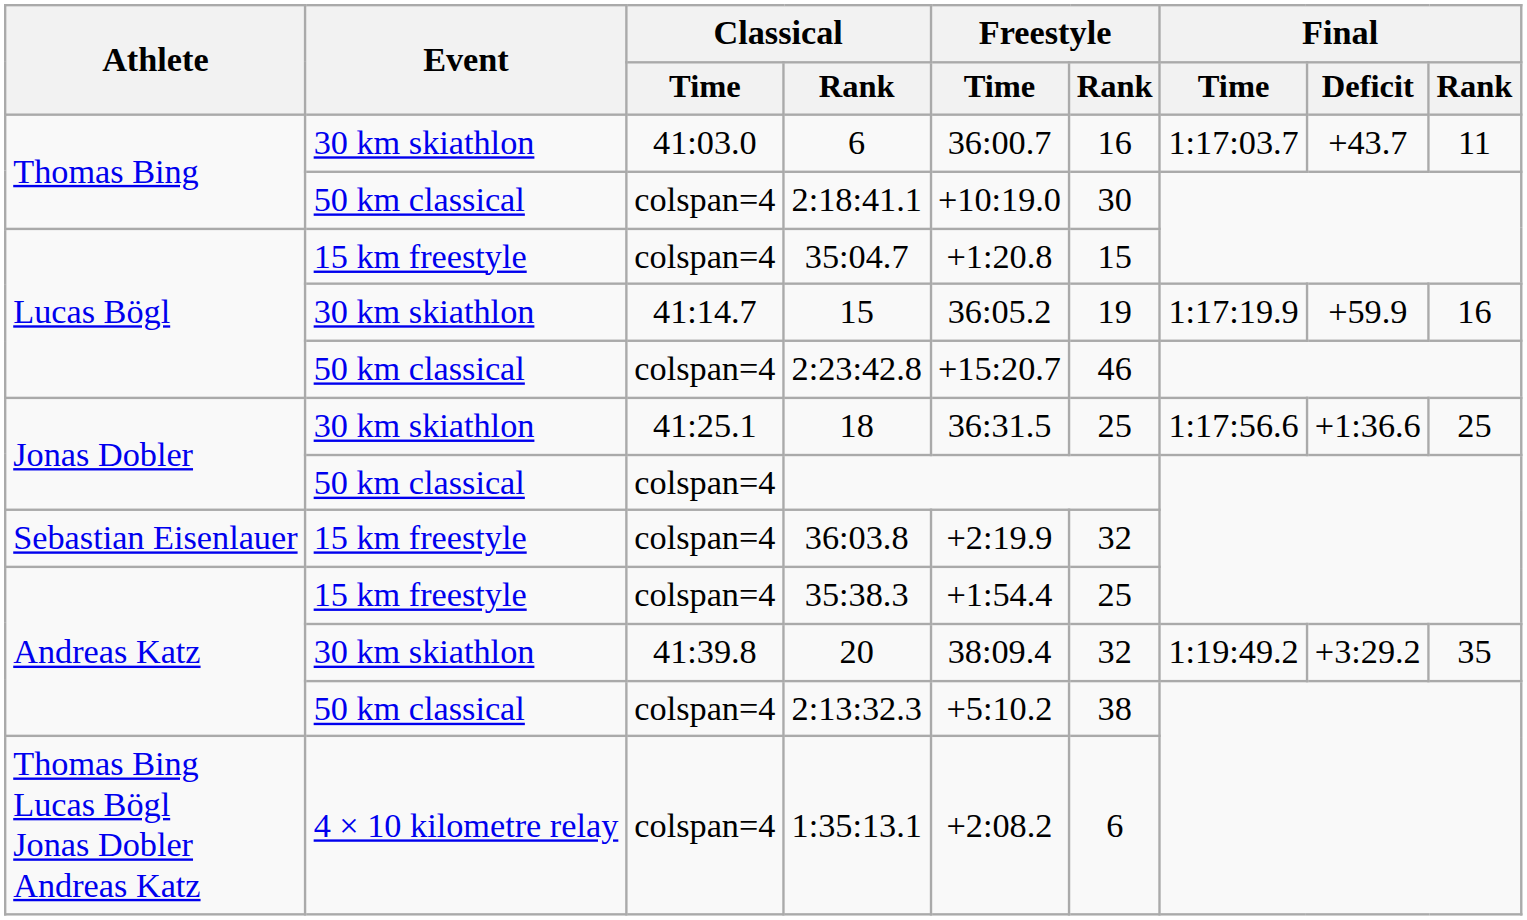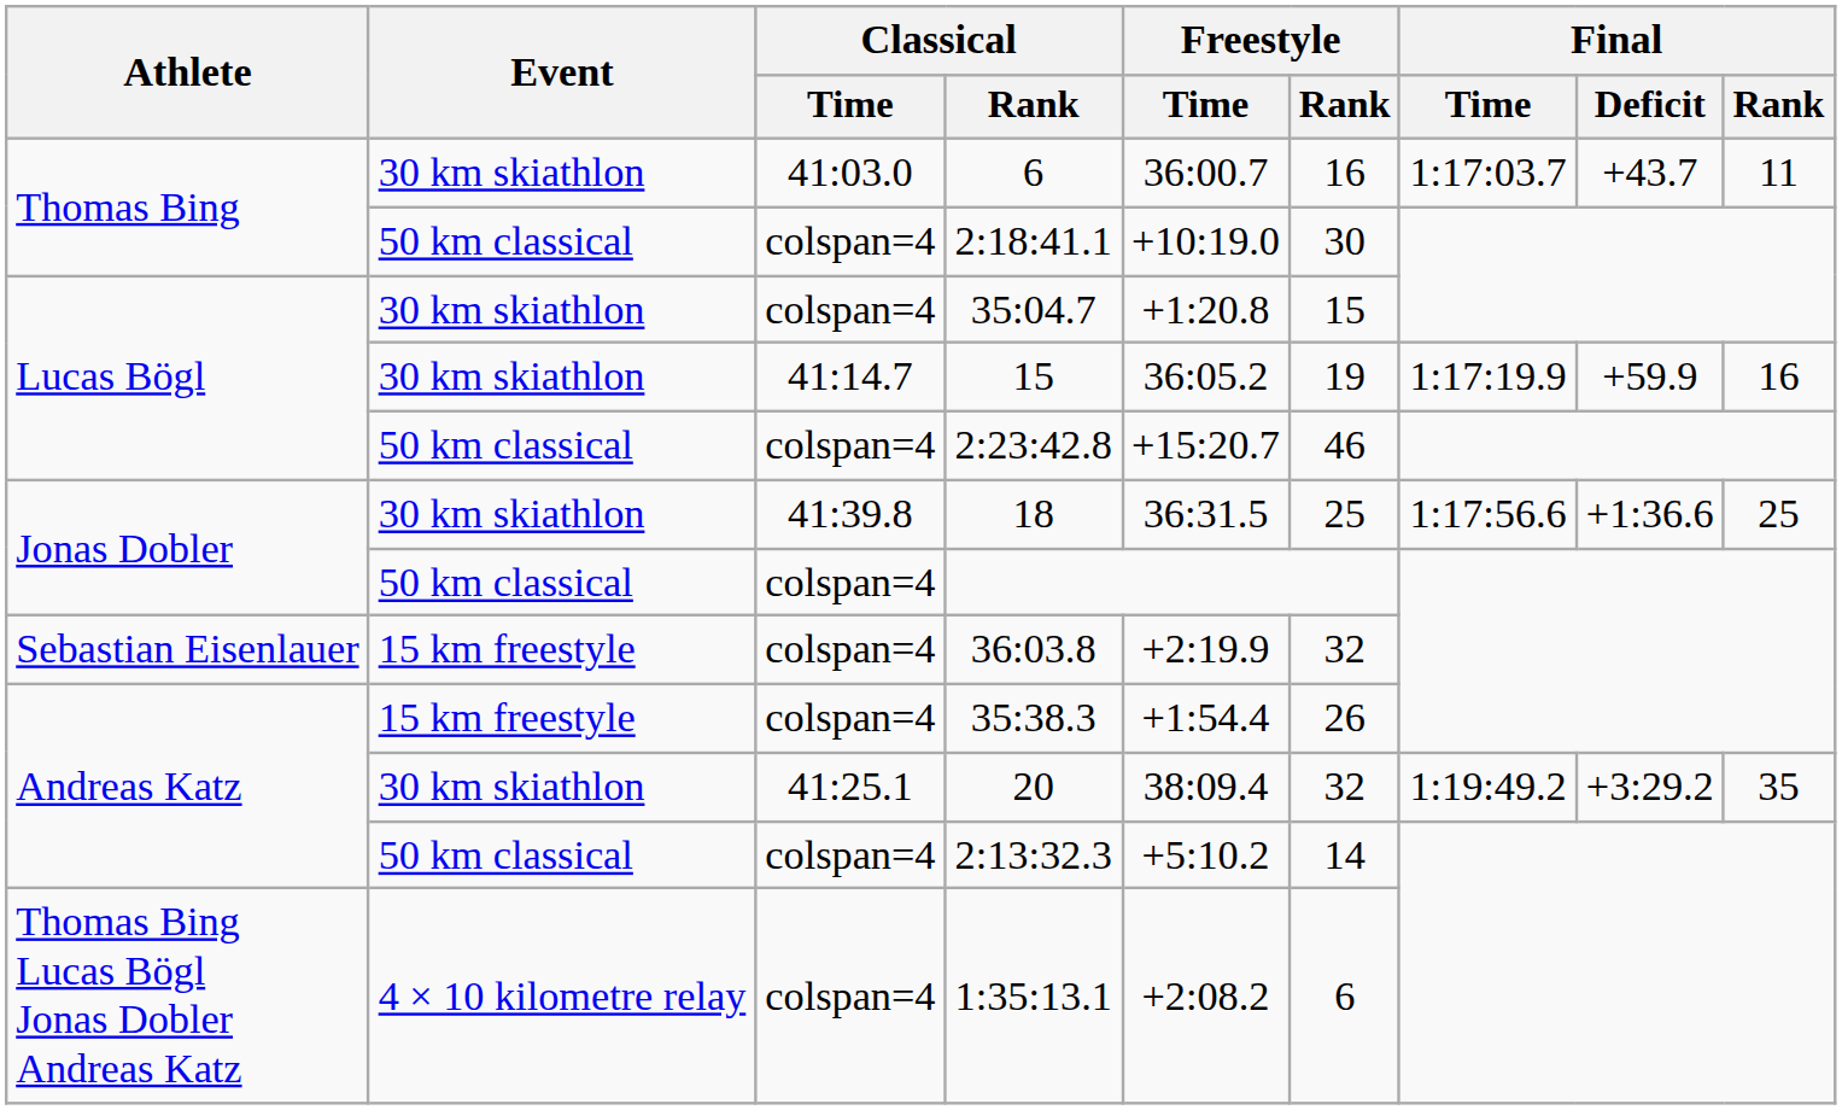 <table class="wikitable" style="font-size:90%">
 <tr>
 <th rowspan=2>Athlete</th>
 <th rowspan=2>Event</th>
 <th colspan=2>Classical</th>
 <th colspan=2>Freestyle</th>
 <th colspan=3>Final</th>
 </tr>
 <tr style="font-size: 95%">
 <th>Time</th>
 <th>Rank</th>
 <th>Time</th>
 <th>Rank</th>
 <th>Time</th>
 <th>Deficit</th>
 <th>Rank</th>
 </tr>
 <tr align=center>
 <td align=left rowspan=2><a href='#'>Thomas Bing</a></td>
 <td align=left><a href='#'>30 km skiathlon</a></td>
 <td>41:03.0</td>
 <td>6</td>
 <td>36:00.7</td>
 <td>16</td>
 <td>1:17:03.7</td>
 <td>+43.7</td>
 <td>11</td>
 </tr>
 <tr align=center>
 <td align=left><a href='#'>50 km classical</a></td>
 <td>colspan=4</td>
 <td>2:18:41.1</td>
 <td>+10:19.0</td>
 <td>30</td>
 </tr>
 <tr align=center>
 <td align=left rowspan=3><a href='#'>Lucas Bögl</a></td>
-<td align=left><a href='#'>15 km freestyle</a></td>
+<td align=left><a href='#'>30 km skiathlon</a></td>
 <td>colspan=4</td>
 <td>35:04.7</td>
 <td>+1:20.8</td>
 <td>15</td>
 </tr>
 <tr align=center>
 <td align=left><a href='#'>30 km skiathlon</a></td>
 <td>41:14.7</td>
 <td>15</td>
 <td>36:05.2</td>
 <td>19</td>
 <td>1:17:19.9</td>
 <td>+59.9</td>
 <td>16</td>
 </tr>
 <tr align=center>
 <td align=left><a href='#'>50 km classical</a></td>
 <td>colspan=4</td>
 <td>2:23:42.8</td>
 <td>+15:20.7</td>
 <td>46</td>
 </tr>
 <tr align=center>
 <td align=left rowspan=2><a href='#'>Jonas Dobler</a></td>
 <td align=left><a href='#'>30 km skiathlon</a></td>
-<td>41:25.1</td>
+<td>41:39.8</td>
 <td>18</td>
 <td>36:31.5</td>
 <td>25</td>
 <td>1:17:56.6</td>
 <td>+1:36.6</td>
 <td>25</td>
 </tr>
 <tr align=center>
 <td align=left><a href='#'>50 km classical</a></td>
 <td>colspan=4</td>
 <td colspan=3></td>
 </tr>
 <tr align=center>
 <td align=left><a href='#'>Sebastian Eisenlauer</a></td>
 <td align=left><a href='#'>15 km freestyle</a></td>
 <td>colspan=4</td>
 <td>36:03.8</td>
 <td>+2:19.9</td>
 <td>32</td>
 </tr>
 <tr align=center>
 <td align=left rowspan=3><a href='#'>Andreas Katz</a></td>
 <td align=left><a href='#'>15 km freestyle</a></td>
 <td>colspan=4</td>
 <td>35:38.3</td>
 <td>+1:54.4</td>
-<td>25</td>
+<td>26</td>
 </tr>
 <tr align=center>
 <td align=left><a href='#'>30 km skiathlon</a></td>
-<td>41:39.8</td>
+<td>41:25.1</td>
 <td>20</td>
 <td>38:09.4</td>
 <td>32</td>
 <td>1:19:49.2</td>
 <td>+3:29.2</td>
 <td>35</td>
 </tr>
 <tr align=center>
 <td align=left><a href='#'>50 km classical</a></td>
 <td>colspan=4</td>
 <td>2:13:32.3</td>
 <td>+5:10.2</td>
-<td>38</td>
+<td>14</td>
 </tr>
 <tr align=center>
 <td align=left><a href='#'>Thomas Bing</a><br><a href='#'>Lucas Bögl</a><br><a href='#'>Jonas Dobler</a><br><a href='#'>Andreas Katz</a></td>
 <td align=left><a href='#'>4 × 10 kilometre relay</a></td>
 <td>colspan=4</td>
 <td>1:35:13.1</td>
 <td>+2:08.2</td>
 <td>6</td>
 </tr>
 </table>
